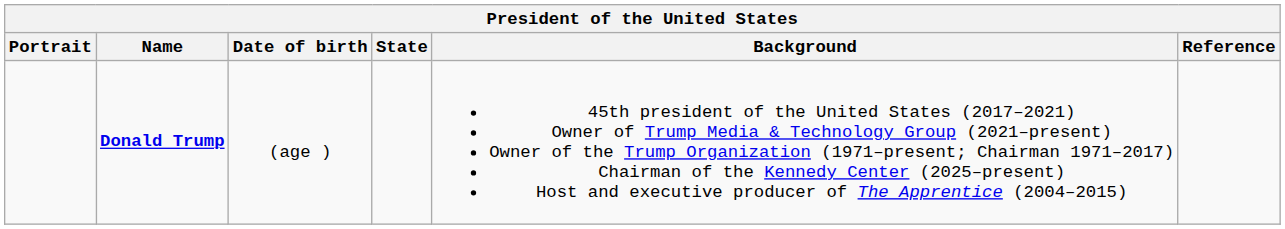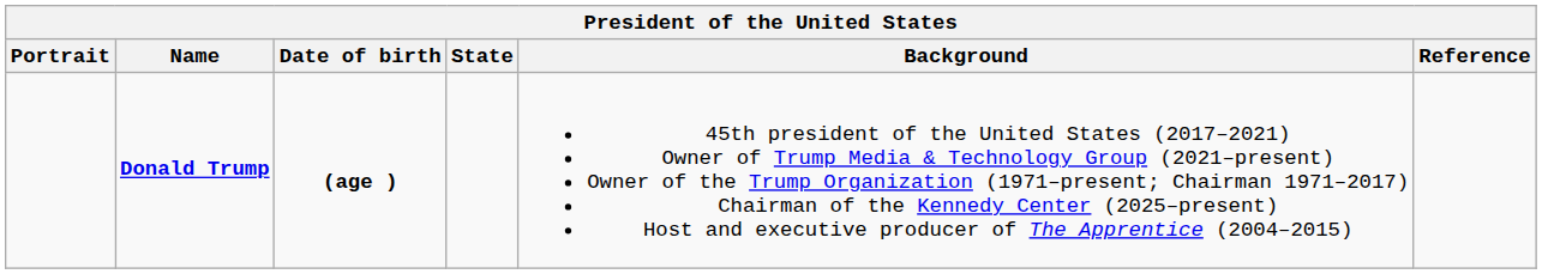 <table class="wikitable collapsible" style="text-align:center;">
 <tr>
 <th colspan="6">President of the United States</th>
 </tr>
 <tr>
 <th>Portrait</th>
 <th>Name</th>
 <th>Date of birth</th>
 <th>State</th>
 <th>Background</th>
 <th>Reference</th>
 </tr>
 <tr>
 <td></td>
 <td><strong><a href='#'>Donald Trump</a></strong></td>
-<td><br>(age )</td>
+<td><strong><br>(age )</strong></td>
 <td></td>
 <td><br><ul><li>45th president of the United States (2017–2021)</li><li>Owner of <a href='#'>Trump Media & Technology Group</a> (2021–present)</li><li>Owner of the <a href='#'>Trump Organization</a> (1971–present; Chairman 1971–2017)</li><li>Chairman of the <a href='#'>Kennedy Center</a> (2025–present)</li><li>Host and executive producer of <em><a href='#'>The Apprentice</a></em> (2004–2015)</li></ul></td>
 <td></td>
 </tr>
 </table>
